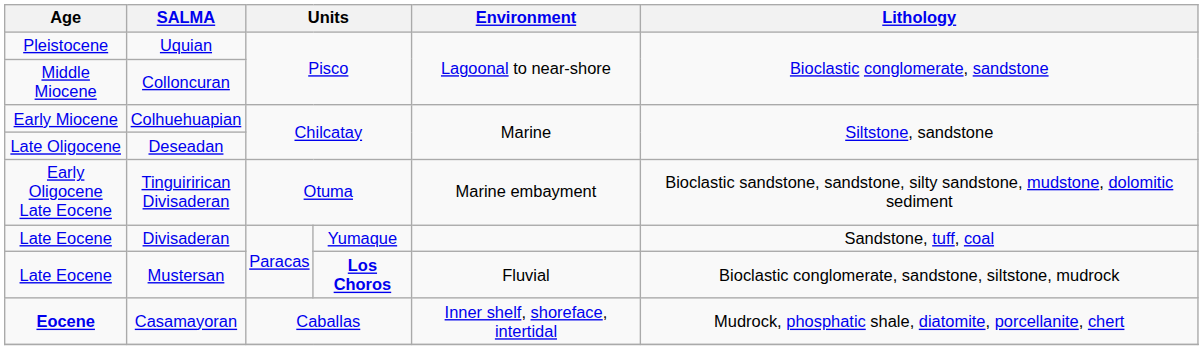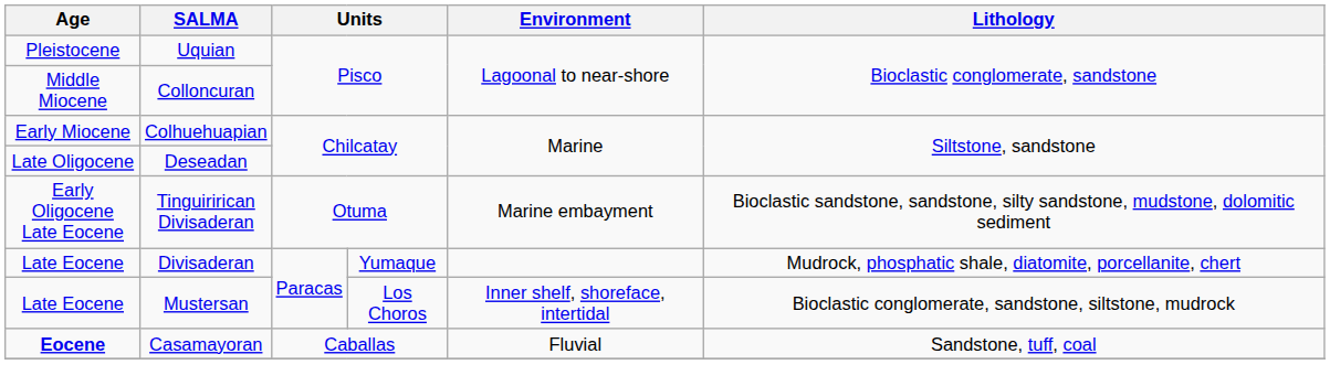 <table class="wikitable" style="text-align:center;font-size: 9pt">
 <tr>
 <th>Age</th>
 <th><a href='#'>SALMA</a></th>
 <th colspan="2">Units</th>
 <th><a href='#'>Environment</a></th>
 <th><a href='#'>Lithology</a></th>
 </tr>
 <tr>
 <td style="background-color: "><a href='#'>Pleistocene</a></td>
 <td><a href='#'>Uquian</a></td>
 <td rowspan=2 colspan="2"><a href='#'>Pisco</a></td>
 <td rowspan=2><a href='#'>Lagoonal</a> to near-shore</td>
 <td rowspan=2><a href='#'>Bioclastic</a> <a href='#'>conglomerate</a>, <a href='#'>sandstone</a></td>
 </tr>
 <tr>
 <td style="background-color: "><a href='#'>Middle Miocene</a></td>
 <td><a href='#'>Colloncuran</a></td>
 </tr>
 <tr>
 <td style="background-color: "><a href='#'>Early Miocene</a></td>
 <td><a href='#'>Colhuehuapian</a></td>
 <td rowspan=2 colspan="2"><a href='#'>Chilcatay</a></td>
 <td rowspan=2>Marine</td>
 <td rowspan=2><a href='#'>Siltstone</a>, sandstone</td>
 </tr>
 <tr>
 <td style="background-color: "><a href='#'>Late Oligocene</a></td>
 <td><a href='#'>Deseadan</a></td>
 </tr>
 <tr>
 <td style="background-color: "><a href='#'>Early Oligocene</a><br><a href='#'>Late Eocene</a></td>
 <td><a href='#'>Tinguirirican</a><br><a href='#'>Divisaderan</a></td>
 <td colspan="2"><a href='#'>Otuma</a></td>
 <td>Marine embayment</td>
 <td>Bioclastic sandstone, sandstone, silty sandstone, <a href='#'>mudstone</a>, <a href='#'>dolomitic</a> sediment</td>
 </tr>
 <tr>
 <td style="background-color: "><a href='#'>Late Eocene</a></td>
 <td><a href='#'>Divisaderan</a></td>
 <td rowspan="2"><a href='#'>Paracas</a></td>
 <td><a href='#'>Yumaque</a></td>
 <td></td>
-<td>Sandstone, <a href='#'>tuff</a>, <a href='#'>coal</a></td>
+<td>Mudrock, <a href='#'>phosphatic</a> shale, <a href='#'>diatomite</a>, <a href='#'>porcellanite</a>, <a href='#'>chert</a></td>
 </tr>
 <tr>
 <td style="background-color: "><a href='#'>Late Eocene</a></td>
 <td><a href='#'>Mustersan</a></td>
-<td><strong><a href='#'>Los Choros</a></strong></td>
-<td>Fluvial</td>
+<td><a href='#'>Los Choros</a></td>
+<td><a href='#'>Inner shelf</a>, <a href='#'>shoreface</a>, <a href='#'>intertidal</a></td>
 <td>Bioclastic conglomerate, sandstone, siltstone, mudrock</td>
 </tr>
 <tr>
 <td style="background-color: "><strong><a href='#'>Eocene</a></strong></td>
 <td><a href='#'>Casamayoran</a></td>
 <td colspan="2"><a href='#'>Caballas</a></td>
-<td><a href='#'>Inner shelf</a>, <a href='#'>shoreface</a>, <a href='#'>intertidal</a></td>
-<td>Mudrock, <a href='#'>phosphatic</a> shale, <a href='#'>diatomite</a>, <a href='#'>porcellanite</a>, <a href='#'>chert</a></td>
+<td>Fluvial</td>
+<td>Sandstone, <a href='#'>tuff</a>, <a href='#'>coal</a></td>
 </tr>
 <tr>
 </tr>
 </table>
